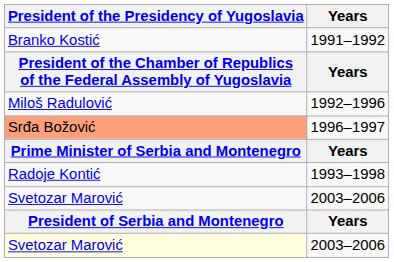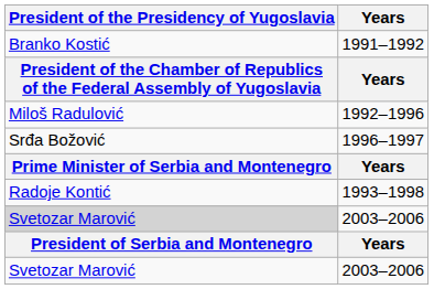 <table class=wikitable>
 <tr>
 <th><a href='#'>President of the Presidency of Yugoslavia</a></th>
 <th>Years</th>
 </tr>
 <tr>
 <td><a href='#'>Branko Kostić</a></td>
 <td>1991–1992</td>
 </tr>
 <tr>
 <th><a href='#'>President of the Chamber of Republics<br>of the Federal Assembly of Yugoslavia</a></th>
 <th>Years</th>
 </tr>
 <tr>
 <td><a href='#'>Miloš Radulović</a></td>
 <td>1992–1996</td>
 </tr>
 <tr>
-<td style="background: lightsalmon;">Srđa Božović</td>
+<td>Srđa Božović</td>
 <td>1996–1997</td>
 </tr>
 <tr>
 <th><a href='#'>Prime Minister of Serbia and Montenegro</a></th>
 <th>Years</th>
 </tr>
 <tr>
 <td><a href='#'>Radoje Kontić</a></td>
 <td>1993–1998</td>
 </tr>
 <tr>
-<td><a href='#'>Svetozar Marović</a></td>
+<td style="background: lightgrey;"><a href='#'>Svetozar Marović</a></td>
 <td>2003–2006</td>
 </tr>
 <tr>
 <th><a href='#'>President of Serbia and Montenegro</a></th>
 <th>Years</th>
 </tr>
 <tr>
-<td style="background: lightyellow;"><a href='#'>Svetozar Marović</a></td>
+<td><a href='#'>Svetozar Marović</a></td>
 <td>2003–2006</td>
 </tr>
 </table>
